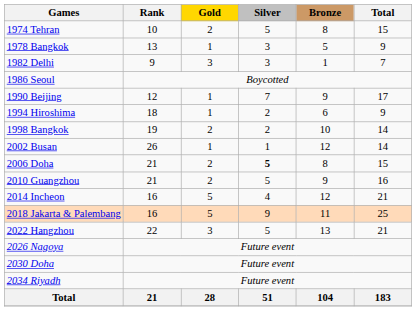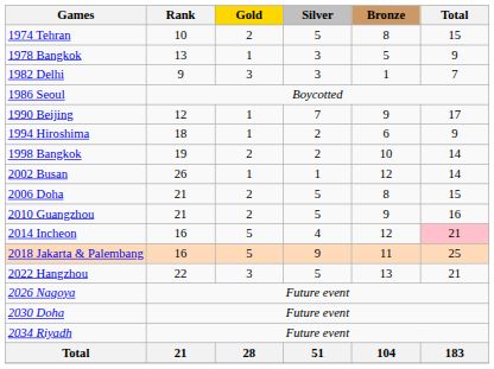 <table class="wikitable sortable" style="margin-top:0em; text-align:center; font-size:100%;">
 <tr>
 <th>Games</th>
 <th style="width:5em;">Rank</th>
 <td style="background:gold; width:5em;"><strong>Gold</strong></td>
 <td style="background:silver; width:5em;"><strong>Silver</strong></td>
 <td style="background:#cc9966; width:5em;"><strong>Bronze</strong></td>
 <th style="width:5em;">Total</th>
 </tr>
 <tr>
 <td align=left><a href='#'>1974 Tehran</a></td>
 <td>10</td>
 <td>2</td>
 <td>5</td>
 <td>8</td>
 <td>15</td>
 </tr>
 <tr>
 <td align=left><a href='#'>1978 Bangkok</a></td>
 <td>13</td>
 <td>1</td>
 <td>3</td>
 <td>5</td>
 <td>9</td>
 </tr>
 <tr>
 <td align=left><a href='#'>1982 Delhi</a></td>
 <td>9</td>
 <td>3</td>
 <td>3</td>
 <td>1</td>
 <td>7</td>
 </tr>
 <tr>
 <td align=left><a href='#'>1986 Seoul</a></td>
 <td colspan=5><em>Boycotted</em></td>
 </tr>
 <tr>
 <td align=left><a href='#'>1990 Beijing</a></td>
 <td>12</td>
 <td>1</td>
 <td>7</td>
 <td>9</td>
 <td>17</td>
 </tr>
 <tr>
 <td align=left><a href='#'>1994 Hiroshima</a></td>
 <td>18</td>
 <td>1</td>
 <td>2</td>
 <td>6</td>
 <td>9</td>
 </tr>
 <tr>
 <td align=left><a href='#'>1998 Bangkok</a></td>
 <td>19</td>
 <td>2</td>
 <td>2</td>
 <td>10</td>
 <td>14</td>
 </tr>
 <tr>
 <td align=left><a href='#'>2002 Busan</a></td>
 <td>26</td>
 <td>1</td>
 <td>1</td>
 <td>12</td>
 <td>14</td>
 </tr>
 <tr>
 <td align=left><a href='#'>2006 Doha</a></td>
 <td>21</td>
 <td>2</td>
-<td><strong>5</strong></td>
+<td>5</td>
 <td>8</td>
 <td>15</td>
 </tr>
 <tr>
 <td align=left><a href='#'>2010 Guangzhou</a></td>
 <td>21</td>
 <td>2</td>
 <td>5</td>
 <td>9</td>
 <td>16</td>
 </tr>
 <tr>
 <td align=left><a href='#'>2014 Incheon</a></td>
 <td>16</td>
 <td>5</td>
 <td>4</td>
 <td>12</td>
-<td>21</td>
+<td style="background: pink;">21</td>
 </tr>
 <tr bgcolor=ffdab9>
 <td align=left><a href='#'>2018 Jakarta & Palembang</a></td>
 <td>16</td>
 <td>5</td>
 <td>9</td>
 <td>11</td>
 <td>25</td>
 </tr>
 <tr>
 <td align=left><a href='#'>2022 Hangzhou</a></td>
 <td>22</td>
 <td>3</td>
 <td>5</td>
 <td>13</td>
 <td>21</td>
 </tr>
 <tr>
 <td align=left><em><a href='#'>2026 Nagoya</a></em></td>
 <td colspan=5><em>Future event</em></td>
 </tr>
 <tr>
 <td align=left><em><a href='#'>2030 Doha</a></em></td>
 <td colspan=5><em>Future event</em></td>
 </tr>
 <tr>
 <td align=left><em><a href='#'>2034 Riyadh</a></em></td>
 <td colspan=5><em>Future event</em></td>
 </tr>
 <tr>
 <th>Total</th>
 <th>21</th>
 <th>28</th>
 <th>51</th>
 <th>104</th>
 <th>183</th>
 </tr>
 <tr>
 </tr>
 </table>
